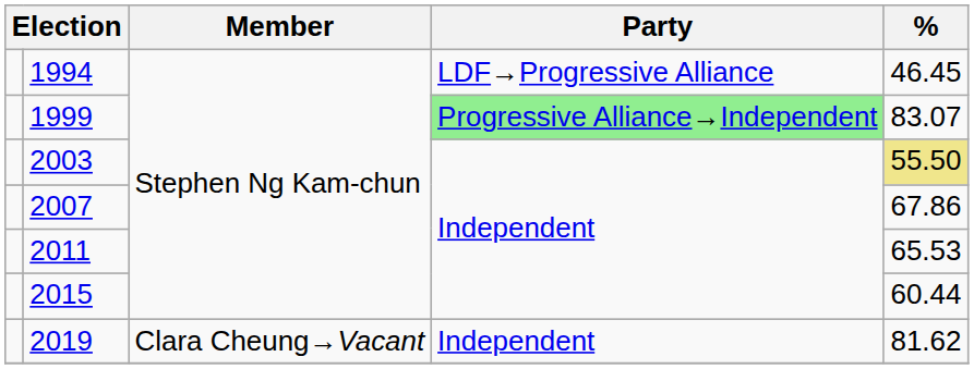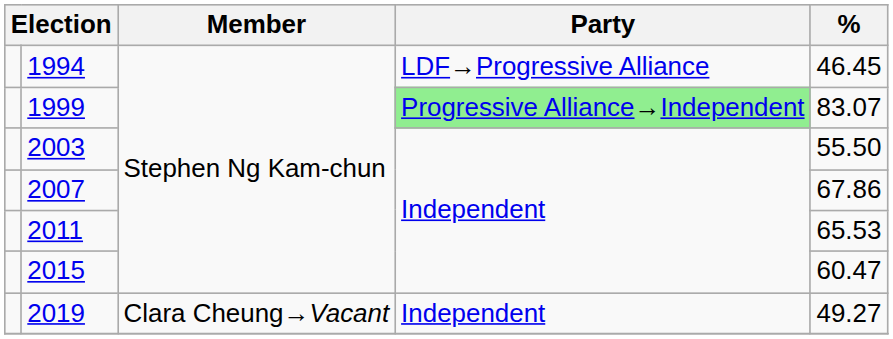 <table class="wikitable">
 <tr>
 <th colspan="2">Election</th>
 <th>Member</th>
 <th>Party</th>
 <th>%</th>
 </tr>
 <tr>
 <td style="background-color:"></td>
 <td><a href='#'>1994</a></td>
 <td rowspan=6>Stephen Ng Kam-chun</td>
 <td><a href='#'>LDF</a>→<a href='#'>Progressive Alliance</a></td>
 <td>46.45</td>
 </tr>
 <tr>
 <td style="background-color:"></td>
 <td><a href='#'>1999</a></td>
 <td style="background: lightgreen;"><a href='#'>Progressive Alliance</a>→<a href='#'>Independent</a></td>
 <td>83.07</td>
 </tr>
 <tr>
 <td style="background-color:"></td>
 <td><a href='#'>2003</a></td>
 <td rowspan=4><a href='#'>Independent</a></td>
-<td style="background: khaki;">55.50</td>
+<td>55.50</td>
 </tr>
 <tr>
 <td style="background-color:"></td>
 <td><a href='#'>2007</a></td>
 <td>67.86</td>
 </tr>
 <tr>
 <td style="background-color:"></td>
 <td><a href='#'>2011</a></td>
 <td>65.53</td>
 </tr>
 <tr>
 <td style="background-color:"></td>
 <td><a href='#'>2015</a></td>
-<td>60.44</td>
+<td>60.47</td>
 </tr>
 <tr>
 <td style="background-color:"></td>
 <td><a href='#'>2019</a></td>
 <td>Clara Cheung→<em>Vacant</em></td>
 <td><a href='#'>Independent</a></td>
-<td>81.62</td>
+<td>49.27</td>
 </tr>
 <tr>
 </tr>
 </table>
